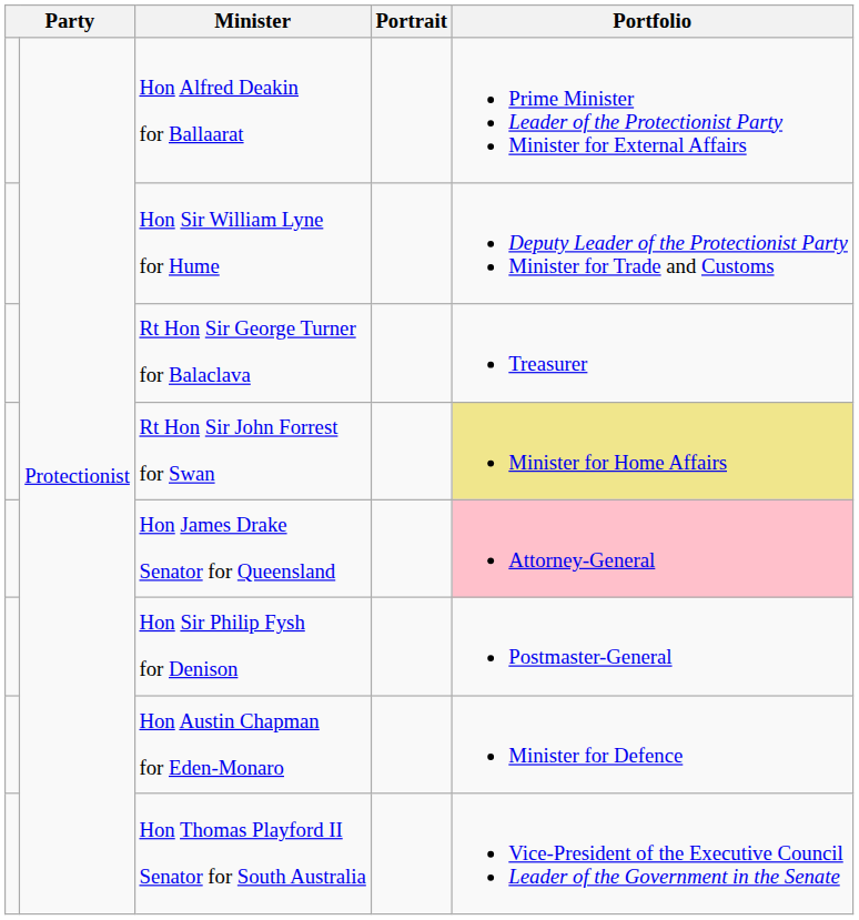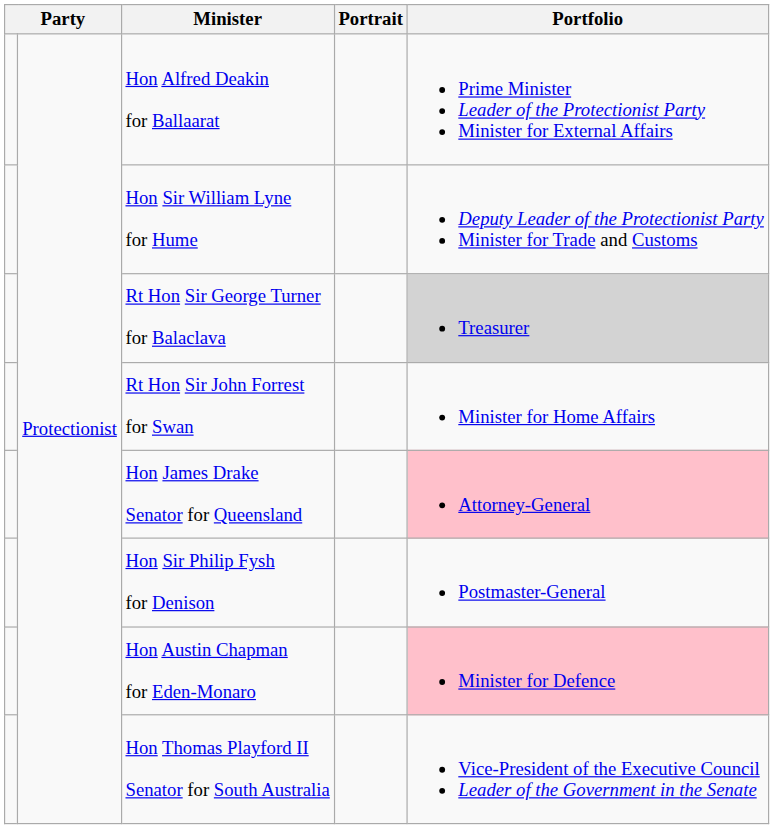 <table class="wikitable sortable">
 <tr>
 <th colspan="2">Party</th>
 <th>Minister</th>
 <th>Portrait</th>
 <th>Portfolio</th>
 </tr>
 <tr>
 <td> </td>
 <td rowspan=8><a href='#'>Protectionist</a></td>
 <td><a href='#'>Hon</a> <a href='#'>Alfred Deakin</a> <br><br> for <a href='#'>Ballaarat</a> <br></td>
 <td></td>
 <td><br><ul><li><a href='#'>Prime Minister</a></li><li><em><a href='#'>Leader of the Protectionist Party</a></em></li><li><a href='#'>Minister for External Affairs</a></li></ul></td>
 </tr>
 <tr>
 <td> </td>
 <td><a href='#'>Hon</a> <a href='#'>Sir William Lyne</a>  <br><br> for <a href='#'>Hume</a> <br></td>
 <td></td>
 <td><br><ul><li><em><a href='#'>Deputy Leader of the Protectionist Party</a></em></li><li><a href='#'>Minister for Trade</a> and <a href='#'>Customs</a></li></ul></td>
 </tr>
 <tr>
 <td> </td>
 <td><a href='#'>Rt Hon</a> <a href='#'>Sir George Turner</a> <br><br> for <a href='#'>Balaclava</a> <br></td>
 <td></td>
-<td><br><ul><li><a href='#'>Treasurer</a></li></ul></td>
+<td style="background: lightgrey;"><br><ul><li><a href='#'>Treasurer</a></li></ul></td>
 </tr>
 <tr>
 <td> </td>
 <td><a href='#'>Rt Hon</a> <a href='#'>Sir John Forrest</a>  <br><br> for <a href='#'>Swan</a> <br></td>
 <td></td>
-<td style="background: khaki;"><br><ul><li><a href='#'>Minister for Home Affairs</a></li></ul></td>
+<td><br><ul><li><a href='#'>Minister for Home Affairs</a></li></ul></td>
 </tr>
 <tr>
 <td> </td>
 <td><a href='#'>Hon</a> <a href='#'>James Drake</a> <br><br><a href='#'>Senator</a> for <a href='#'>Queensland</a> <br></td>
 <td></td>
 <td style="background: pink;"><br><ul><li><a href='#'>Attorney-General</a></li></ul></td>
 </tr>
 <tr>
 <td> </td>
 <td><a href='#'>Hon</a> <a href='#'>Sir Philip Fysh</a>  <br><br> for <a href='#'>Denison</a> <br></td>
 <td></td>
 <td><br><ul><li><a href='#'>Postmaster-General</a></li></ul></td>
 </tr>
 <tr>
 <td> </td>
 <td><a href='#'>Hon</a> <a href='#'>Austin Chapman</a> <br><br> for <a href='#'>Eden-Monaro</a> <br></td>
 <td></td>
-<td><br><ul><li><a href='#'>Minister for Defence</a></li></ul></td>
+<td style="background: pink;"><br><ul><li><a href='#'>Minister for Defence</a></li></ul></td>
 </tr>
 <tr>
 <td> </td>
 <td><a href='#'>Hon</a> <a href='#'>Thomas Playford II</a> <br><br><a href='#'>Senator</a> for <a href='#'>South Australia</a> <br></td>
 <td></td>
 <td><br><ul><li><a href='#'>Vice-President of the Executive Council</a></li><li><em><a href='#'>Leader of the Government in the Senate</a></em></li></ul></td>
 </tr>
 </table>
